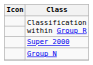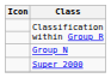 <table align="right" class="wikitable" style="font-size: 85%;">
 <tr>
 <th>Icon</th>
 <th>Class</th>
 </tr>
 <tr>
 <td align="center"></td>
 <td rowspan="2">Classification<br>within <a href='#'>Group R</a></td>
 </tr>
 <tr>
 <td align="center"></td>
 </tr>
 <tr>
 <td align="center"></td>
-<td><a href='#'>Super 2000</a></td>
+<td><a href='#'>Group N</a></td>
 </tr>
 <tr>
 <td align="center"></td>
-<td><a href='#'>Group N</a></td>
+<td><a href='#'>Super 2000</a></td>
 </tr>
 <tr>
 </tr>
 </table>
